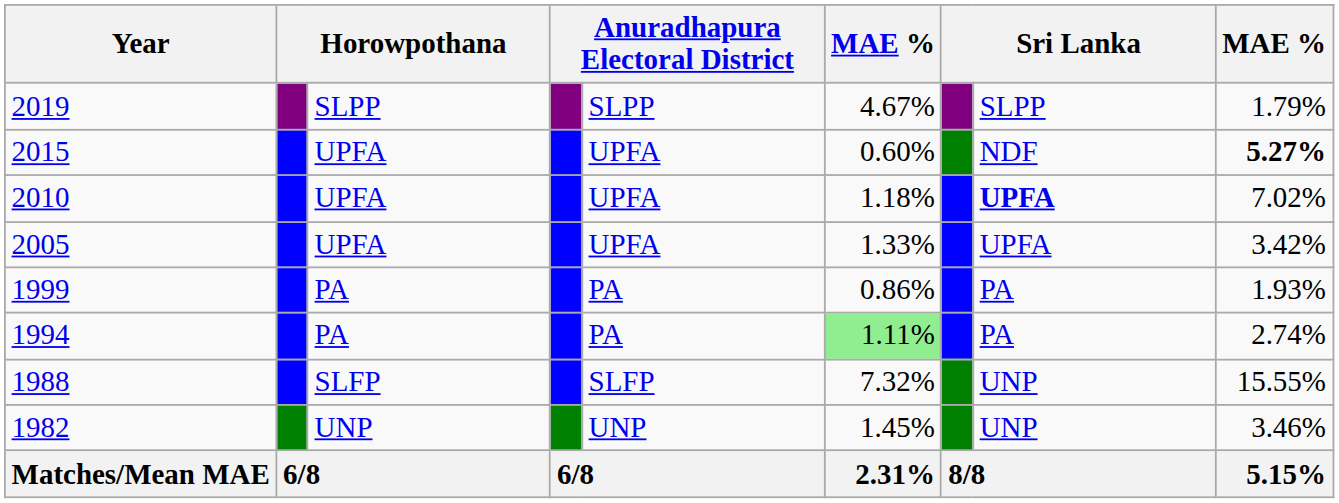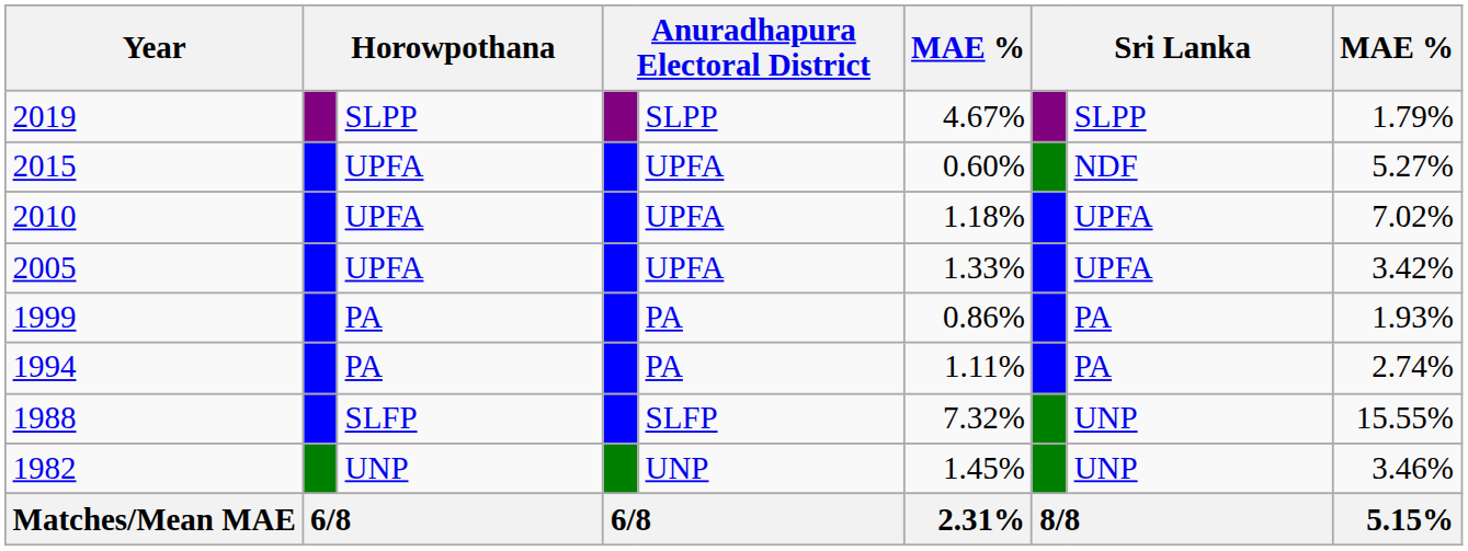 <table class="wikitable">
 <tr>
 <th>Year</th>
 <th colspan="2" width="144px">Horowpothana</th>
 <th colspan="2" width="144px"><a href='#'>Anuradhapura Electoral District</a></th>
 <th><a href='#'>MAE</a> %</th>
 <th colspan="2" width="144px">Sri Lanka</th>
 <th>MAE %</th>
 </tr>
 <tr>
 <td><a href='#'>2019</a></td>
 <td style="background-color:purple;" width="10px"></td>
 <td style="text-align:left;"><a href='#'>SLPP</a></td>
 <td style="background-color:purple;" width="10px"></td>
 <td style="text-align:left;"><a href='#'>SLPP</a></td>
 <td style="text-align:right;">4.67%</td>
 <td style="background-color:purple;" width="10px"></td>
 <td style="text-align:left;"><a href='#'>SLPP</a></td>
 <td style="text-align:right;">1.79%</td>
 </tr>
 <tr>
 <td><a href='#'>2015</a></td>
 <td style="background-color:blue;" width="10px"></td>
 <td style="text-align:left;"><a href='#'>UPFA</a></td>
 <td style="background-color:blue;" width="10px"></td>
 <td style="text-align:left;"><a href='#'>UPFA</a></td>
 <td style="text-align:right;">0.60%</td>
 <td style="background-color:green;" width="10px"></td>
 <td style="text-align:left;"><a href='#'>NDF</a></td>
-<td style="text-align:right;"><strong>5.27%</strong></td>
+<td style="text-align:right;">5.27%</td>
 </tr>
 <tr>
 <td><a href='#'>2010</a></td>
 <td style="background-color:blue;" width="10px"></td>
 <td style="text-align:left;"><a href='#'>UPFA</a></td>
 <td style="background-color:blue;" width="10px"></td>
 <td style="text-align:left;"><a href='#'>UPFA</a></td>
 <td style="text-align:right;">1.18%</td>
 <td style="background-color:blue;" width="10px"></td>
-<td style="text-align:left;"><strong><a href='#'>UPFA</a></strong></td>
+<td style="text-align:left;"><a href='#'>UPFA</a></td>
 <td style="text-align:right;">7.02%</td>
 </tr>
 <tr>
 <td><a href='#'>2005</a></td>
 <td style="background-color:blue;" width="10px"></td>
 <td style="text-align:left;"><a href='#'>UPFA</a></td>
 <td style="background-color:blue;" width="10px"></td>
 <td style="text-align:left;"><a href='#'>UPFA</a></td>
 <td style="text-align:right;">1.33%</td>
 <td style="background-color:blue;" width="10px"></td>
 <td style="text-align:left;"><a href='#'>UPFA</a></td>
 <td style="text-align:right;">3.42%</td>
 </tr>
 <tr>
 <td><a href='#'>1999</a></td>
 <td style="background-color:blue;" width="10px"></td>
 <td style="text-align:left;"><a href='#'>PA</a></td>
 <td style="background-color:blue;" width="10px"></td>
 <td style="text-align:left;"><a href='#'>PA</a></td>
 <td style="text-align:right;">0.86%</td>
 <td style="background-color:blue;" width="10px"></td>
 <td style="text-align:left;"><a href='#'>PA</a></td>
 <td style="text-align:right;">1.93%</td>
 </tr>
 <tr>
 <td><a href='#'>1994</a></td>
 <td style="background-color:blue;" width="10px"></td>
 <td style="text-align:left;"><a href='#'>PA</a></td>
 <td style="background-color:blue;" width="10px"></td>
 <td style="text-align:left;"><a href='#'>PA</a></td>
-<td style="background: lightgreen; text-align:right;">1.11%</td>
+<td style="text-align:right;">1.11%</td>
 <td style="background-color:blue;" width="10px"></td>
 <td style="text-align:left;"><a href='#'>PA</a></td>
 <td style="text-align:right;">2.74%</td>
 </tr>
 <tr>
 <td><a href='#'>1988</a></td>
 <td style="background-color:blue;" width="10px"></td>
 <td style="text-align:left;"><a href='#'>SLFP</a></td>
 <td style="background-color:blue;" width="10px"></td>
 <td style="text-align:left;"><a href='#'>SLFP</a></td>
 <td style="text-align:right;">7.32%</td>
 <td style="background-color:green;" width="10px"></td>
 <td style="text-align:left;"><a href='#'>UNP</a></td>
 <td style="text-align:right;">15.55%</td>
 </tr>
 <tr>
 <td><a href='#'>1982</a></td>
 <td style="background-color:green;" width="10px"></td>
 <td style="text-align:left;"><a href='#'>UNP</a></td>
 <td style="background-color:green;" width="10px"></td>
 <td style="text-align:left;"><a href='#'>UNP</a></td>
 <td style="text-align:right;">1.45%</td>
 <td style="background-color:green;" width="10px"></td>
 <td style="text-align:left;"><a href='#'>UNP</a></td>
 <td style="text-align:right;">3.46%</td>
 </tr>
 <tr>
 <th>Matches/Mean MAE</th>
 <th style="text-align:left;"colspan="2" width="144px">6/8</th>
 <th style="text-align:left;"colspan="2" width="144px">6/8</th>
 <th style="text-align:right;">2.31%</th>
 <th style="text-align:left;"colspan="2" width="144px">8/8</th>
 <th style="text-align:right;">5.15%</th>
 </tr>
 </table>
